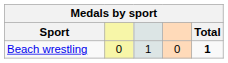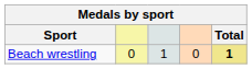 <table class="wikitable" style="font-size:90%; text-align:center;">
 <tr>
 <th colspan="5">Medals by sport</th>
 </tr>
 <tr>
 <th width="120">Sport</th>
 <th scope="col" width="30" style="background:#F7F6A8;"></th>
 <th scope="col" width="30" style="background:#DCE5E5;"></th>
 <th scope="col" width="30" style="background:#FFDAB9;"></th>
 <th width="30">Total</th>
 </tr>
 <tr>
 <td align="left"><a href='#'>Beach wrestling</a></td>
 <td style="background:#F7F6A8;">0</td>
 <td style="background:#DCE5E5;">1</td>
 <td style="background:#FFDAB9;">0</td>
-<td><strong>1</strong></td>
+<td style="background: khaki;"><strong>1</strong></td>
 </tr>
 </table>
